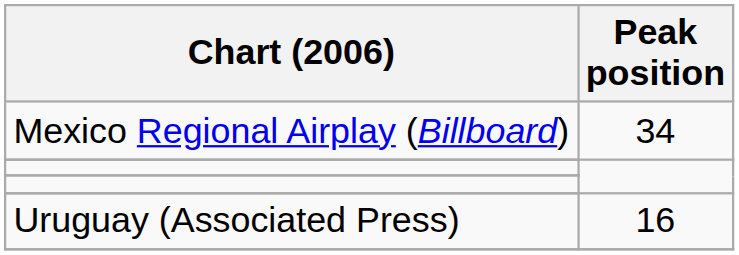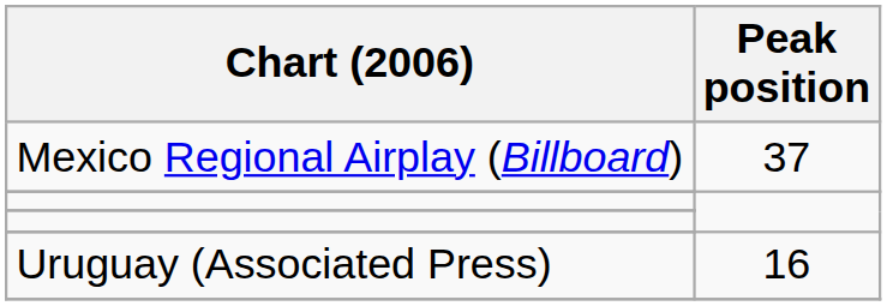 <table class="wikitable sortable">
 <tr>
 <th>Chart (2006)</th>
 <th>Peak<br>position</th>
 </tr>
 <tr>
 <td>Mexico <a href='#'>Regional Airplay</a> (<em><a href='#'>Billboard</a></em>)</td>
-<td align="center">34</td>
+<td align="center">37</td>
 </tr>
 <tr>
 </tr>
 <tr>
 <td></td>
 </tr>
 <tr>
 </tr>
 <tr>
 <td></td>
 </tr>
 <tr>
 </tr>
 <tr>
 </tr>
 <tr>
 <td>Uruguay (Associated Press)</td>
 <td align="center">16</td>
 </tr>
 <tr>
 </tr>
 </table>
